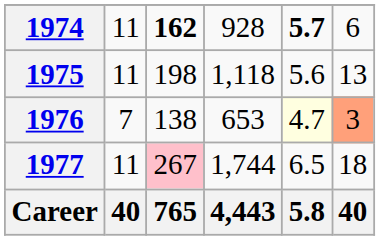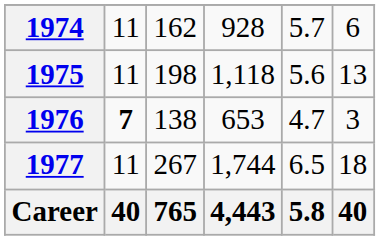 <table class="wikitable" style="text-align:center;">
 <tr>
 </tr>
 <tr>
 <th><a href='#'>1974</a></th>
 <td>11</td>
-<td><strong>162</strong></td>
+<td>162</td>
 <td>928</td>
-<td><strong>5.7</strong></td>
+<td>5.7</td>
 <td>6</td>
 </tr>
 <tr>
 <th><a href='#'>1975</a></th>
 <td>11</td>
 <td>198</td>
 <td>1,118</td>
 <td>5.6</td>
 <td>13</td>
 </tr>
 <tr>
 <th><a href='#'>1976</a></th>
-<td>7</td>
+<td><strong>7</strong></td>
 <td>138</td>
 <td>653</td>
-<td style="background: lightyellow;">4.7</td>
-<td style="background: lightsalmon;">3</td>
+<td>4.7</td>
+<td>3</td>
 </tr>
 <tr>
 <th><a href='#'>1977</a></th>
 <td>11</td>
-<td style="background: pink;">267</td>
+<td>267</td>
 <td>1,744</td>
 <td>6.5</td>
 <td>18</td>
 </tr>
 <tr>
 <th>Career</th>
 <th>40</th>
 <th>765</th>
 <th>4,443</th>
 <th>5.8</th>
 <th>40</th>
 </tr>
 </table>
